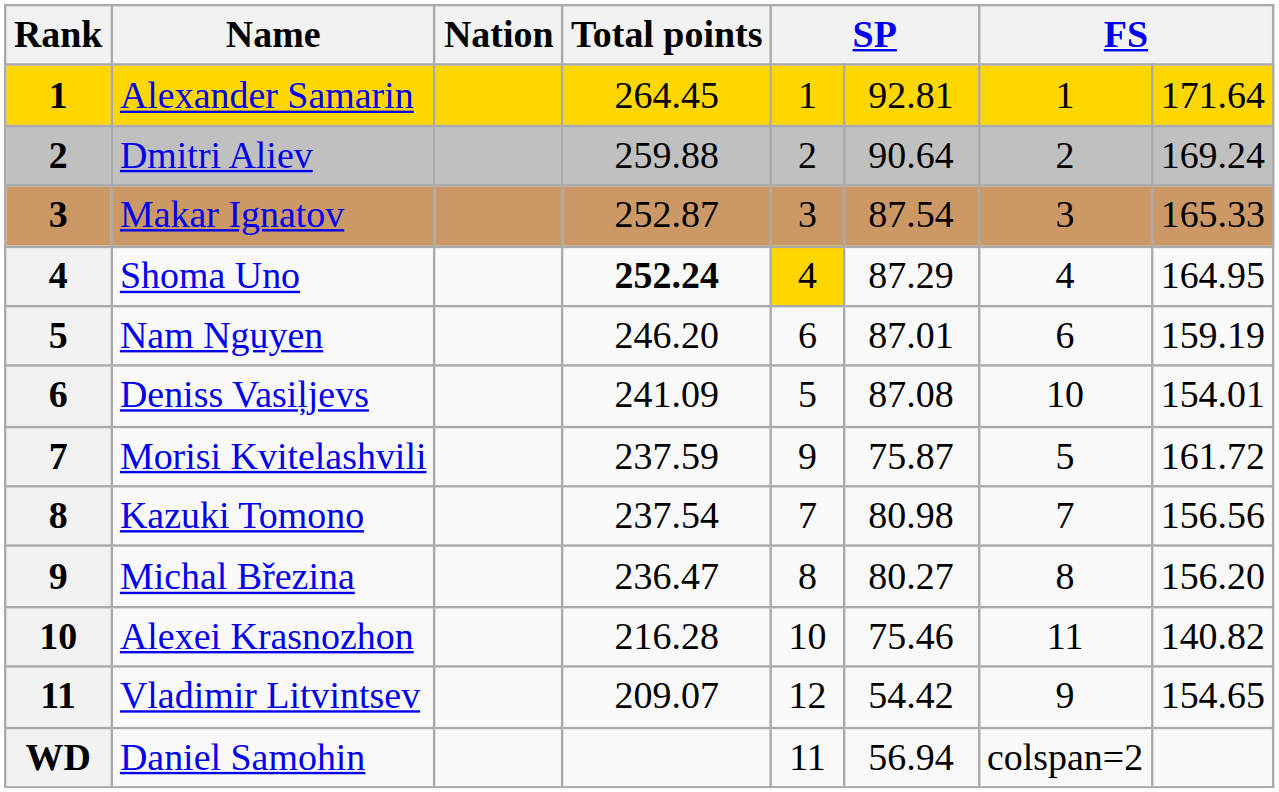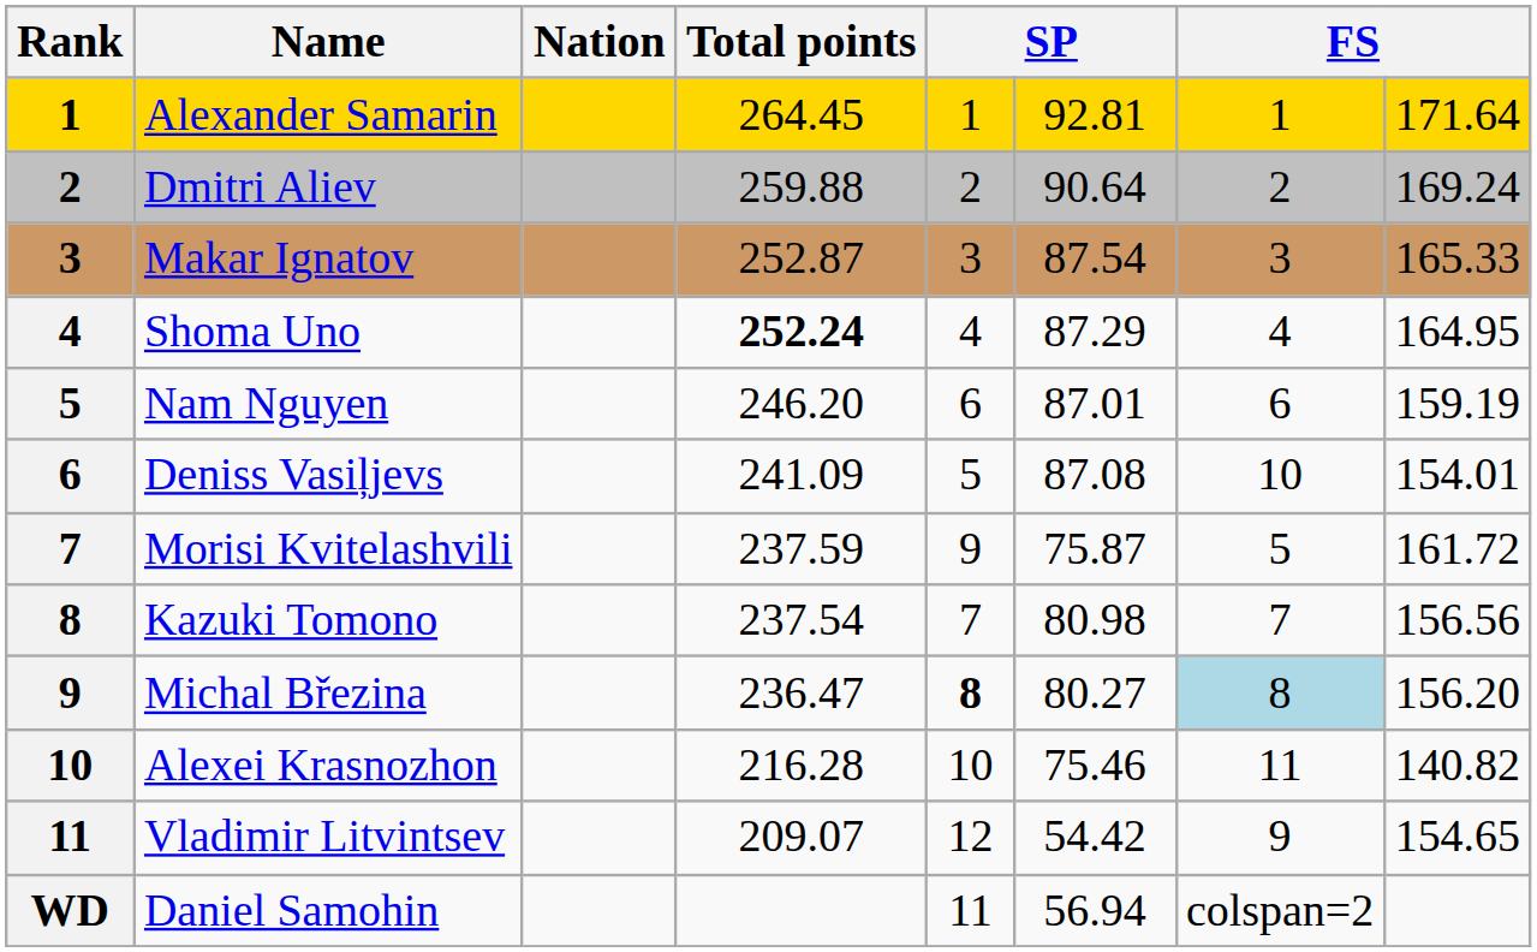 <table class="wikitable sortable">
 <tr>
 <th>Rank</th>
 <th>Name</th>
 <th>Nation</th>
 <th>Total points</th>
 <th colspan="2" width="80px"><a href='#'>SP</a></th>
 <th colspan="2" width="80px"><a href='#'>FS</a></th>
 </tr>
 <tr bgcolor="gold">
 <td align="center"><strong>1</strong></td>
 <td><a href='#'>Alexander Samarin</a></td>
 <td></td>
 <td align="center">264.45</td>
 <td align="center">1</td>
 <td align="center">92.81</td>
 <td align="center">1</td>
 <td align="center">171.64</td>
 </tr>
 <tr bgcolor="silver">
 <td align="center"><strong>2</strong></td>
 <td><a href='#'>Dmitri Aliev</a></td>
 <td></td>
 <td align="center">259.88</td>
 <td align="center">2</td>
 <td align="center">90.64</td>
 <td align="center">2</td>
 <td align="center">169.24</td>
 </tr>
 <tr bgcolor="cc9966">
 <td align="center"><strong>3</strong></td>
 <td><a href='#'>Makar Ignatov</a></td>
 <td></td>
 <td align="center">252.87</td>
 <td align="center">3</td>
 <td align="center">87.54</td>
 <td align="center">3</td>
 <td align="center">165.33</td>
 </tr>
 <tr>
 <th>4</th>
 <td><a href='#'>Shoma Uno</a></td>
 <td></td>
 <td align="center"><strong>252.24</strong></td>
-<td align="center" style="background: gold;">4</td>
+<td align="center">4</td>
 <td align="center">87.29</td>
 <td align="center">4</td>
 <td align="center">164.95</td>
 </tr>
 <tr>
 <th>5</th>
 <td><a href='#'>Nam Nguyen</a></td>
 <td></td>
 <td align="center">246.20</td>
 <td align="center">6</td>
 <td align="center">87.01</td>
 <td align="center">6</td>
 <td align="center">159.19</td>
 </tr>
 <tr>
 <th>6</th>
 <td><a href='#'>Deniss Vasiļjevs</a></td>
 <td></td>
 <td align="center">241.09</td>
 <td align="center">5</td>
 <td align="center">87.08</td>
 <td align="center">10</td>
 <td align="center">154.01</td>
 </tr>
 <tr>
 <th>7</th>
 <td><a href='#'>Morisi Kvitelashvili</a></td>
 <td></td>
 <td align="center">237.59</td>
 <td align="center">9</td>
 <td align="center">75.87</td>
 <td align="center">5</td>
 <td align="center">161.72</td>
 </tr>
 <tr>
 <th>8</th>
 <td><a href='#'>Kazuki Tomono</a></td>
 <td></td>
 <td align="center">237.54</td>
 <td align="center">7</td>
 <td align="center">80.98</td>
 <td align="center">7</td>
 <td align="center">156.56</td>
 </tr>
 <tr>
 <th>9</th>
 <td><a href='#'>Michal Březina</a></td>
 <td></td>
 <td align="center">236.47</td>
-<td align="center">8</td>
+<td align="center"><strong>8</strong></td>
 <td align="center">80.27</td>
-<td align="center">8</td>
+<td align="center" style="background: lightblue;">8</td>
 <td align="center">156.20</td>
 </tr>
 <tr>
 <th>10</th>
 <td><a href='#'>Alexei Krasnozhon</a></td>
 <td></td>
 <td align="center">216.28</td>
 <td align="center">10</td>
 <td align="center">75.46</td>
 <td align="center">11</td>
 <td align="center">140.82</td>
 </tr>
 <tr>
 <th>11</th>
 <td><a href='#'>Vladimir Litvintsev</a></td>
 <td></td>
 <td align="center">209.07</td>
 <td align="center">12</td>
 <td align="center">54.42</td>
 <td align="center">9</td>
 <td align="center">154.65</td>
 </tr>
 <tr>
 <th>WD</th>
 <td><a href='#'>Daniel Samohin</a></td>
 <td></td>
 <td></td>
 <td align="center">11</td>
 <td align="center">56.94</td>
 <td>colspan=2 </td>
 </tr>
 </table>
